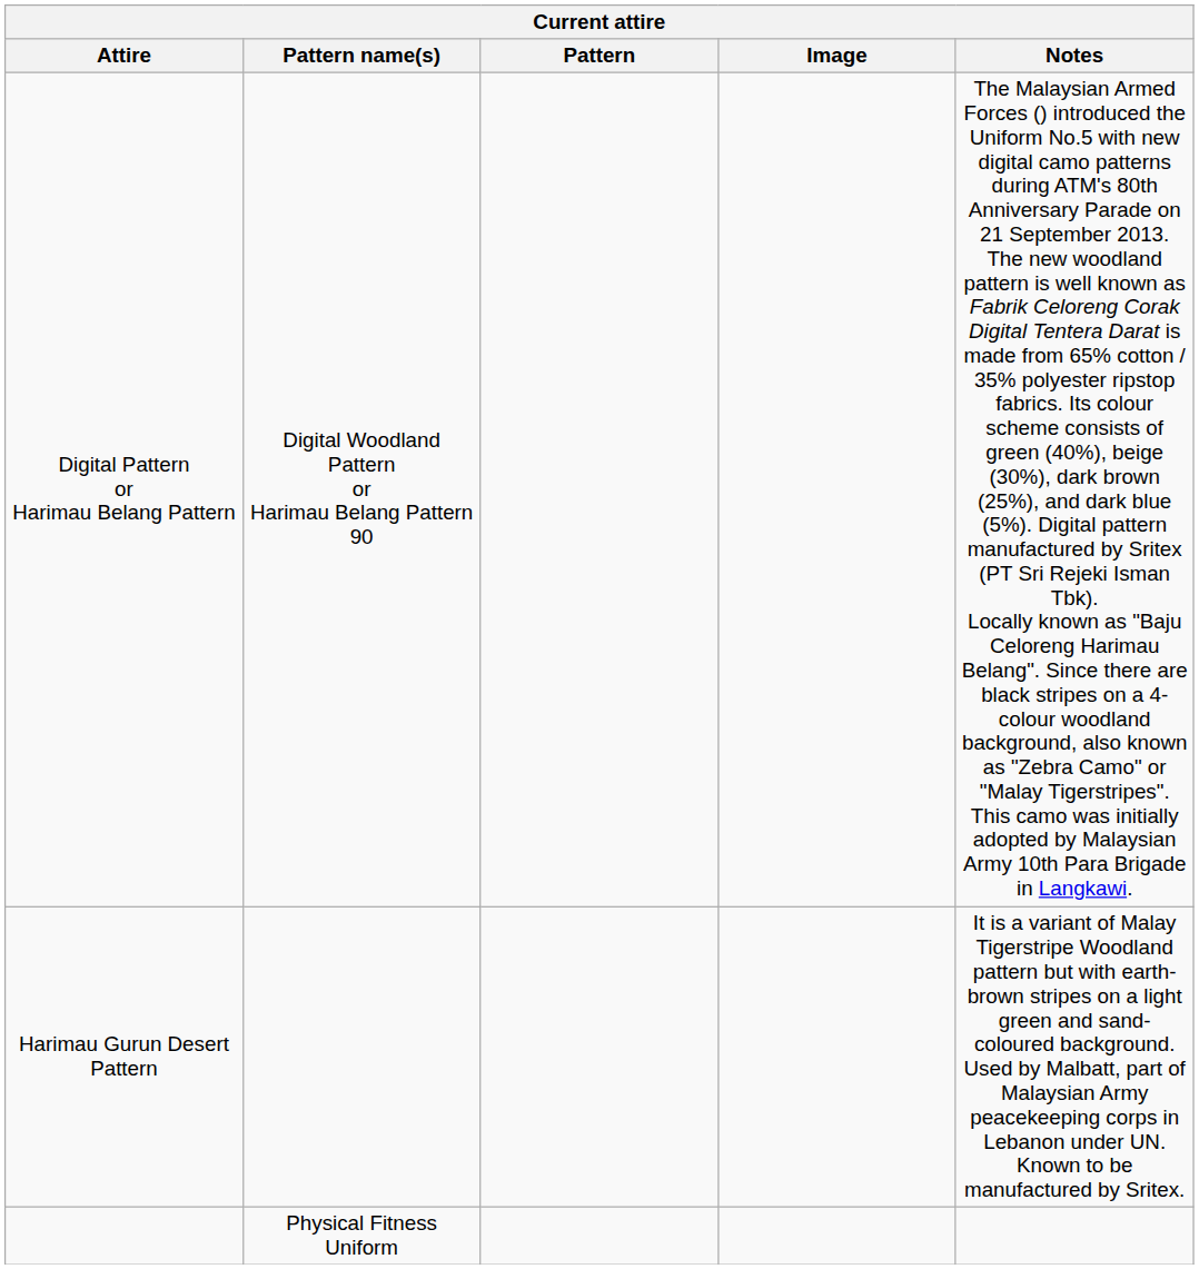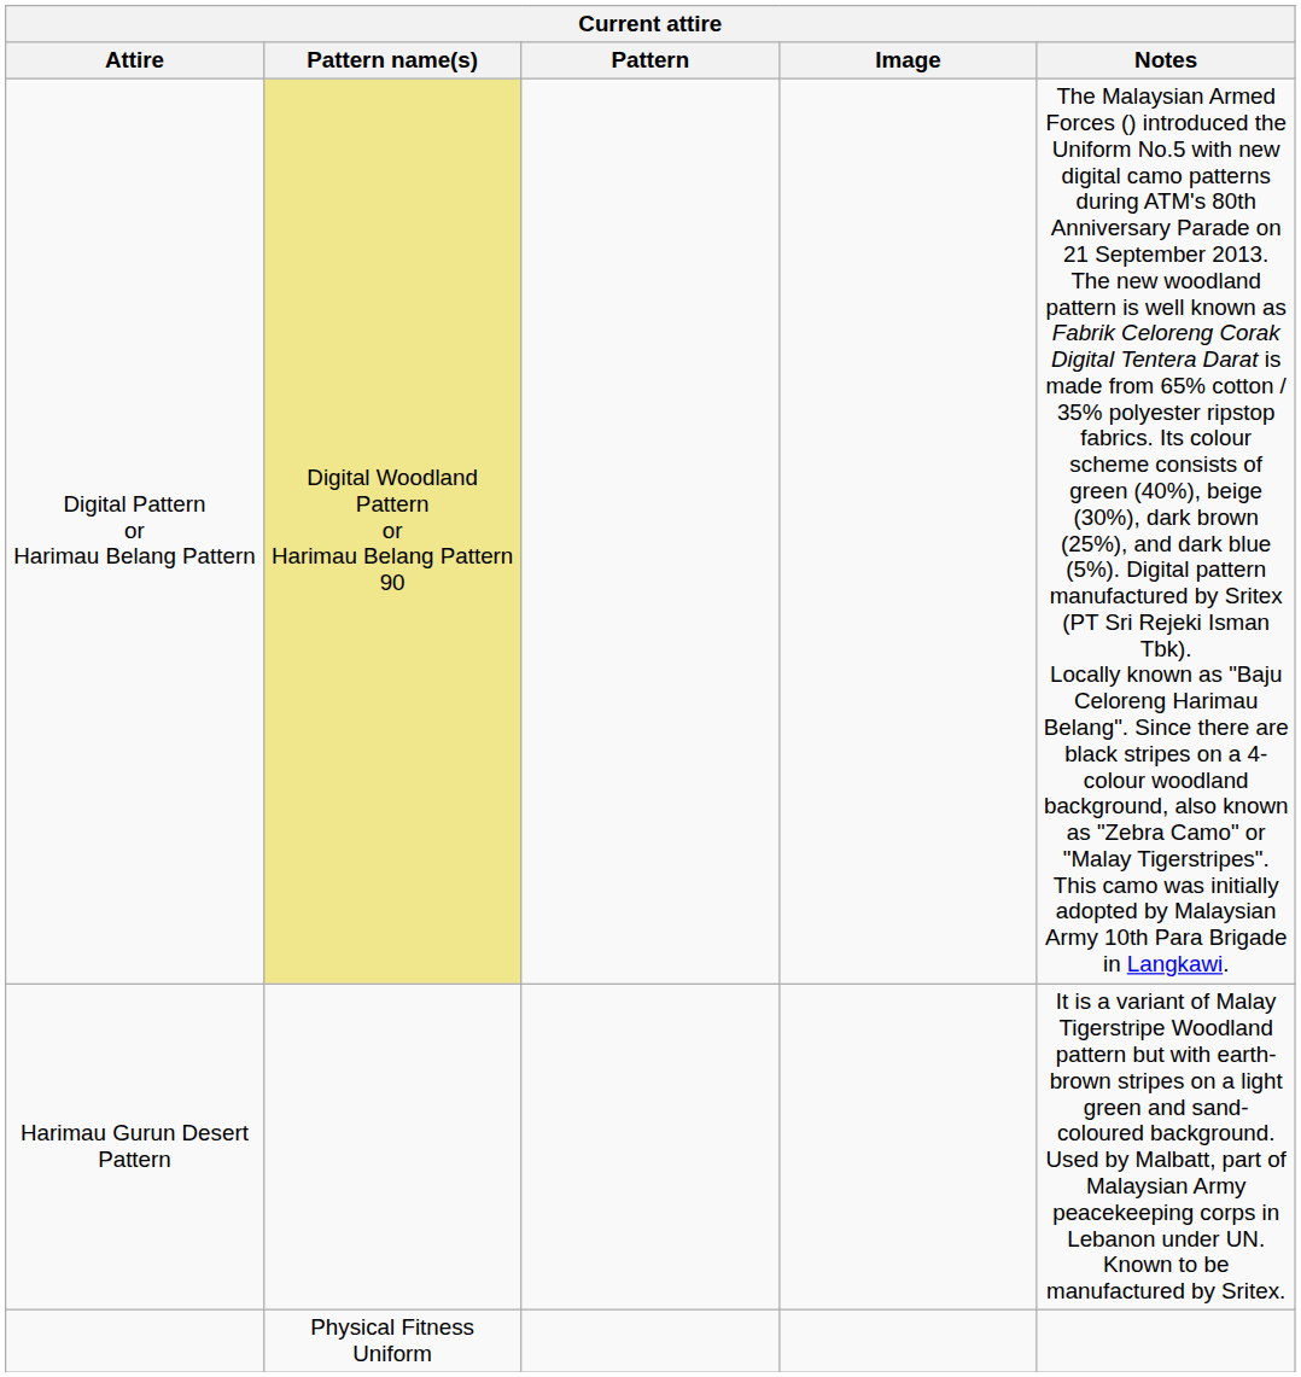 <table class="wikitable"  style="width:100%; text-align:center; font-size:97%;">
 <tr>
 <th colspan=6>Current attire</th>
 </tr>
 <tr>
 <th width=20%>Attire</th>
 <th width=20%>Pattern name(s)</th>
 <th width=20%>Pattern</th>
 <th width=20%>Image</th>
 <th width=25%>Notes</th>
 </tr>
 <tr>
 <td>Digital Pattern<br>or<br>Harimau Belang Pattern</td>
-<td>Digital Woodland Pattern <br>or<br> Harimau Belang Pattern 90</td>
+<td style="background: khaki;">Digital Woodland Pattern <br>or<br> Harimau Belang Pattern 90</td>
 <td> <br><br></td>
 <td> </td>
 <td>The Malaysian Armed Forces () introduced the Uniform No.5 with new digital camo patterns during ATM's 80th Anniversary Parade on 21 September 2013. The new woodland pattern is well known as <em>Fabrik Celoreng Corak Digital Tentera Darat</em> is made from 65% cotton / 35% polyester ripstop fabrics. Its colour scheme consists of green (40%), beige (30%), dark brown (25%), and dark blue (5%). Digital pattern manufactured by Sritex (PT Sri Rejeki Isman Tbk).<br>Locally known as "Baju Celoreng Harimau Belang". Since there are black stripes on a 4-colour woodland background, also known as "Zebra Camo" or "Malay Tigerstripes". This camo was initially adopted by Malaysian Army 10th Para Brigade in <a href='#'>Langkawi</a>.</td>
 </tr>
 <tr>
 <td>Harimau Gurun Desert Pattern</td>
 <td></td>
 <td></td>
 <td></td>
 <td>It is a variant of Malay Tigerstripe Woodland pattern but with earth-brown stripes on a light green and sand-coloured background. Used by Malbatt, part of Malaysian Army peacekeeping corps in Lebanon under UN. Known to be manufactured by Sritex.</td>
 </tr>
 <tr>
 <td></td>
 <td>Physical Fitness Uniform</td>
 <td></td>
 <td></td>
 <td></td>
 </tr>
 </table>
